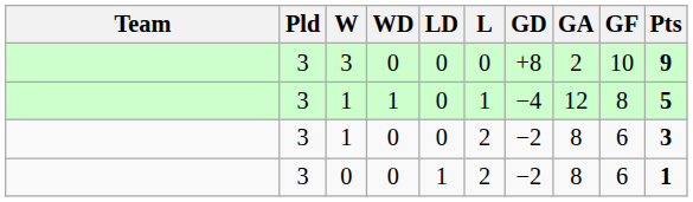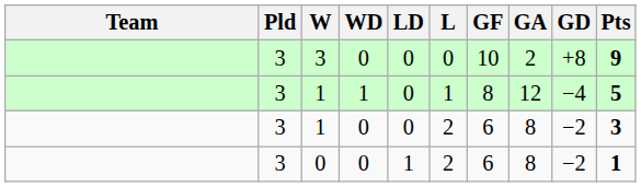 <table class="wikitable" style="text-align:center">
 <tr>
 <th width=175>Team</th>
 <th width=20>Pld</th>
 <th width=20>W</th>
 <th width=20>WD</th>
 <th width=20>LD</th>
 <th width=20>L</th>
+<th width=20>GF</th>
+<th width=20>GA</th>
 <th width=20>GD</th>
-<th width=20>GA</th>
-<th width=20>GF</th>
 <th width=20>Pts</th>
 </tr>
 <tr bgcolor=ccffcc>
 <td align=left></td>
 <td>3</td>
 <td>3</td>
 <td>0</td>
 <td>0</td>
 <td>0</td>
+<td>10</td>
+<td>2</td>
 <td>+8</td>
-<td>2</td>
-<td>10</td>
 <td><strong>9</strong></td>
 </tr>
 <tr bgcolor=ccffcc>
 <td align=left></td>
 <td>3</td>
 <td>1</td>
 <td>1</td>
 <td>0</td>
 <td>1</td>
+<td>8</td>
+<td>12</td>
 <td>−4</td>
-<td>12</td>
-<td>8</td>
 <td><strong>5</strong></td>
 </tr>
 <tr>
 <td align=left></td>
 <td>3</td>
 <td>1</td>
 <td>0</td>
 <td>0</td>
 <td>2</td>
+<td>6</td>
+<td>8</td>
 <td>−2</td>
-<td>8</td>
-<td>6</td>
 <td><strong>3</strong></td>
 </tr>
 <tr>
 <td align=left></td>
 <td>3</td>
 <td>0</td>
 <td>0</td>
 <td>1</td>
 <td>2</td>
+<td>6</td>
+<td>8</td>
 <td>−2</td>
-<td>8</td>
-<td>6</td>
 <td><strong>1</strong></td>
 </tr>
 </table>
